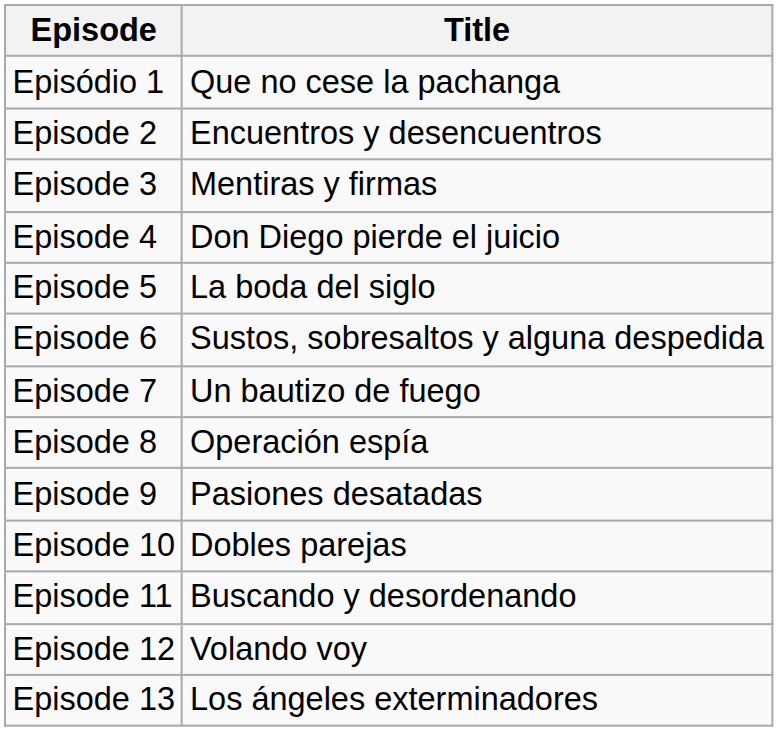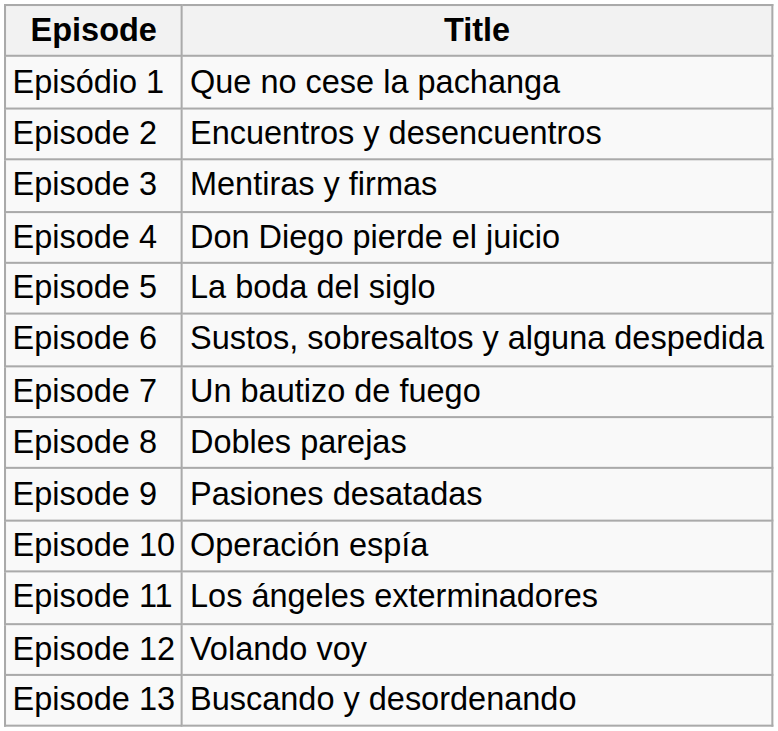 <table class="wikitable">
 <tr>
 <th>Episode</th>
 <th>Title</th>
 </tr>
 <tr>
 <td>Episódio 1</td>
 <td>Que no cese la pachanga</td>
 </tr>
 <tr>
 <td>Episode 2</td>
 <td>Encuentros y desencuentros</td>
 </tr>
 <tr>
 <td>Episode 3</td>
 <td>Mentiras y firmas</td>
 </tr>
 <tr>
 <td>Episode 4</td>
 <td>Don Diego pierde el juicio</td>
 </tr>
 <tr>
 <td>Episode 5</td>
 <td>La boda del siglo</td>
 </tr>
 <tr>
 <td>Episode 6</td>
 <td>Sustos, sobresaltos y alguna despedida</td>
 </tr>
 <tr>
 <td>Episode 7</td>
 <td>Un bautizo de fuego</td>
 </tr>
 <tr>
 <td>Episode 8</td>
-<td>Operación espía</td>
+<td>Dobles parejas</td>
 </tr>
 <tr>
 <td>Episode 9</td>
 <td>Pasiones desatadas</td>
 </tr>
 <tr>
 <td>Episode 10</td>
-<td>Dobles parejas</td>
+<td>Operación espía</td>
 </tr>
 <tr>
 <td>Episode 11</td>
-<td>Buscando y desordenando</td>
+<td>Los ángeles exterminadores</td>
 </tr>
 <tr>
 <td>Episode 12</td>
 <td>Volando voy</td>
 </tr>
 <tr>
 <td>Episode 13</td>
-<td>Los ángeles exterminadores</td>
+<td>Buscando y desordenando</td>
 </tr>
 </table>
